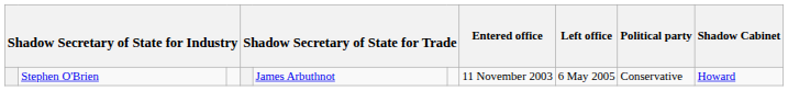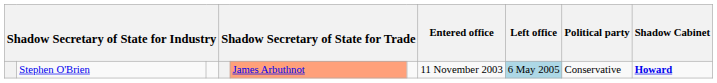 <table class="wikitable">
 <tr>
 <th colspan=3><br><h3>Shadow Secretary of State for Industry</h3></th>
 <th colspan=3><br><h3>Shadow Secretary of State for Trade</h3></th>
 <th>Entered office</th>
 <th>Left office</th>
 <th>Political party</th>
 <th>Shadow Cabinet</th>
 </tr>
 <tr>
 <th style="background-color: "></th>
 <td><a href='#'>Stephen O'Brien</a></td>
 <td></td>
 <th style="background-color: "></th>
-<td><a href='#'>James Arbuthnot</a></td>
+<td style="background: lightsalmon;"><a href='#'>James Arbuthnot</a></td>
 <td></td>
 <td>11 November 2003</td>
-<td>6 May 2005</td>
+<td style="background: lightblue;">6 May 2005</td>
 <td>Conservative</td>
-<td><a href='#'>Howard</a></td>
+<td><strong><a href='#'>Howard</a></strong></td>
 </tr>
 </table>
